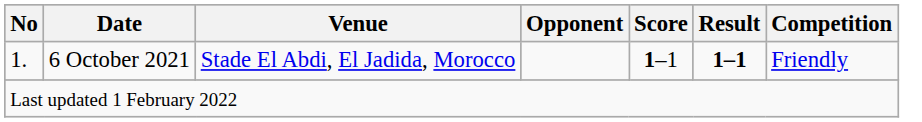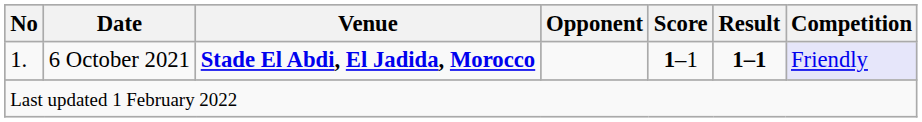 <table class="wikitable" style="font-size:85%;">
 <tr>
 <th>No</th>
 <th>Date</th>
 <th>Venue</th>
 <th>Opponent</th>
 <th>Score</th>
 <th>Result</th>
 <th>Competition</th>
 </tr>
 <tr>
 <td>1.</td>
 <td>6 October 2021</td>
-<td><a href='#'>Stade El Abdi</a>, <a href='#'>El Jadida</a>, <a href='#'>Morocco</a></td>
+<td><strong><a href='#'>Stade El Abdi</a>, <a href='#'>El Jadida</a>, <a href='#'>Morocco</a></strong></td>
 <td></td>
 <td align=center><strong>1</strong>–1</td>
 <td align=center><strong>1–1</strong></td>
-<td><a href='#'>Friendly</a></td>
+<td style="background: lavender;"><a href='#'>Friendly</a></td>
 </tr>
 <tr>
 <td colspan="7"><small>Last updated 1 February 2022</small></td>
 </tr>
 </table>
